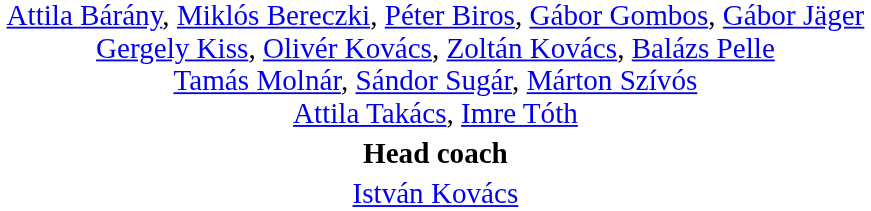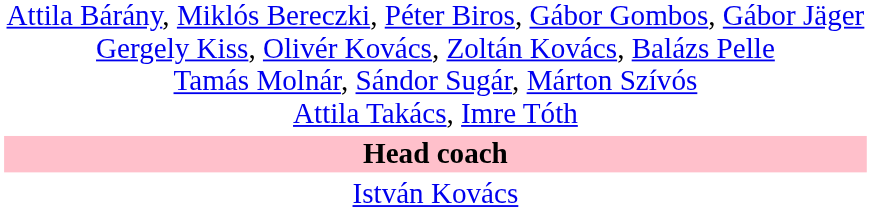 <table style="text-align: center; margin-top: 2em; margin-left: auto; margin-right: auto">
 <tr>
 <td><a href='#'>Attila Bárány</a>, <a href='#'>Miklós Bereczki</a>, <a href='#'>Péter Biros</a>, <a href='#'>Gábor Gombos</a>, <a href='#'>Gábor Jäger</a><br><a href='#'>Gergely Kiss</a>, <a href='#'>Olivér Kovács</a>, <a href='#'>Zoltán Kovács</a>, <a href='#'>Balázs Pelle</a><br><a href='#'>Tamás Molnár</a>, <a href='#'>Sándor Sugár</a>, <a href='#'>Márton Szívós</a><br><a href='#'>Attila Takács</a>, <a href='#'>Imre Tóth</a></td>
 </tr>
 <tr>
-<td><strong>Head coach</strong></td>
+<td style="background: pink;"><strong>Head coach</strong></td>
 </tr>
 <tr>
 <td><a href='#'>István Kovács</a></td>
 </tr>
 </table>
